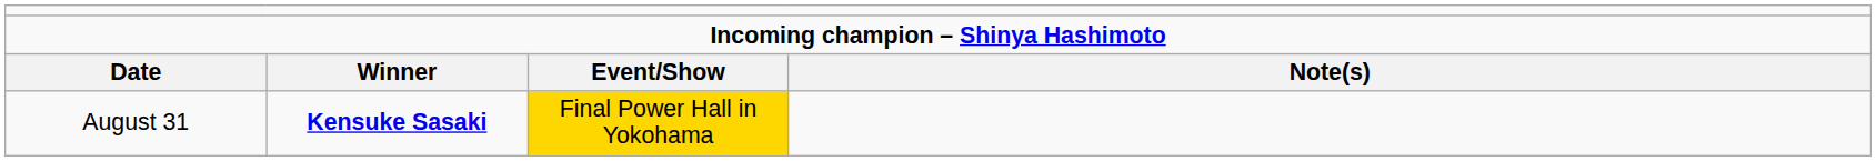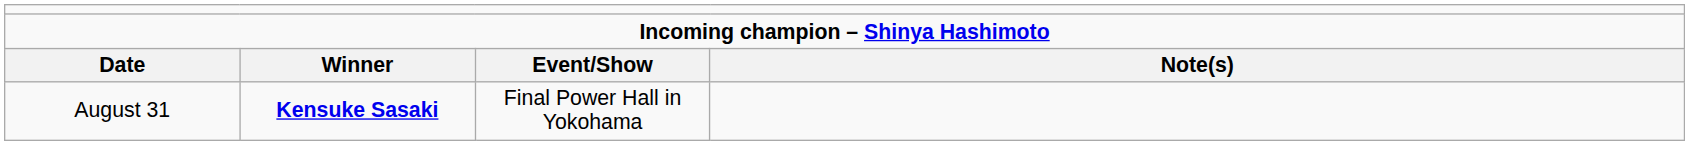 <table class="wikitable" style="text-align:center; width:100%;">
 <tr>
 <td colspan="5"></td>
 </tr>
 <tr>
 <td colspan="5"><strong>Incoming champion – <a href='#'>Shinya Hashimoto</a></strong></td>
 </tr>
 <tr>
 <th width=14%>Date</th>
 <th width=14%>Winner</th>
 <th width=14%>Event/Show</th>
 <th width=58%>Note(s)</th>
 </tr>
 <tr>
 <td>August 31</td>
 <td><strong><a href='#'>Kensuke Sasaki</a></strong></td>
-<td style="background: gold;">Final Power Hall in Yokohama</td>
+<td>Final Power Hall in Yokohama</td>
 <td align="left"></td>
 </tr>
 </table>
